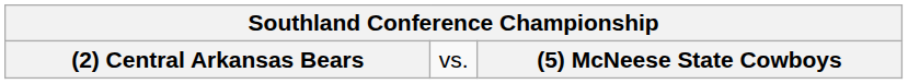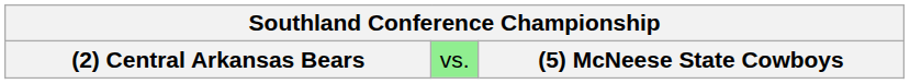 <table class="wikitable">
 <tr>
 <th style="width: 604px;" colspan=3>Southland Conference Championship</th>
 </tr>
 <tr>
 <th style="width: 289px; ">(2) Central Arkansas Bears</th>
-<td style="width: 25px; text-align:center">vs.</td>
+<td style="background: lightgreen; width: 25px; text-align:center">vs.</td>
 <th style="width: 289px; ">(5) McNeese State Cowboys</th>
 </tr>
 </table>
